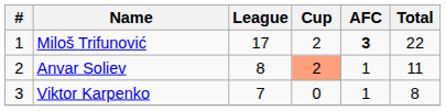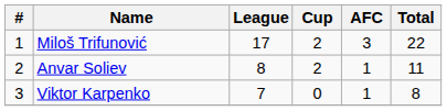 <table class="wikitable sortable"  style="text-align:center; font-size:95%; ">
 <tr>
 <th width=20px>#</th>
 <th width=180px>Name</th>
 <th width=40px>League</th>
 <th width=40px>Cup</th>
 <th width=40px>AFC</th>
 <th width=40px>Total</th>
 </tr>
 <tr>
 <td>1</td>
 <td align=left> <a href='#'>Miloš Trifunović</a></td>
 <td>17</td>
 <td>2</td>
-<td><strong>3</strong></td>
+<td>3</td>
 <td>22</td>
 </tr>
 <tr>
 <td>2</td>
 <td align=left> <a href='#'>Anvar Soliev</a></td>
 <td>8</td>
-<td style="background: lightsalmon;">2</td>
+<td>2</td>
 <td>1</td>
 <td>11</td>
 </tr>
 <tr>
 <td>3</td>
 <td align=left> <a href='#'>Viktor Karpenko</a></td>
 <td>7</td>
 <td>0</td>
 <td>1</td>
 <td>8</td>
 </tr>
 <tr>
 </tr>
 </table>
